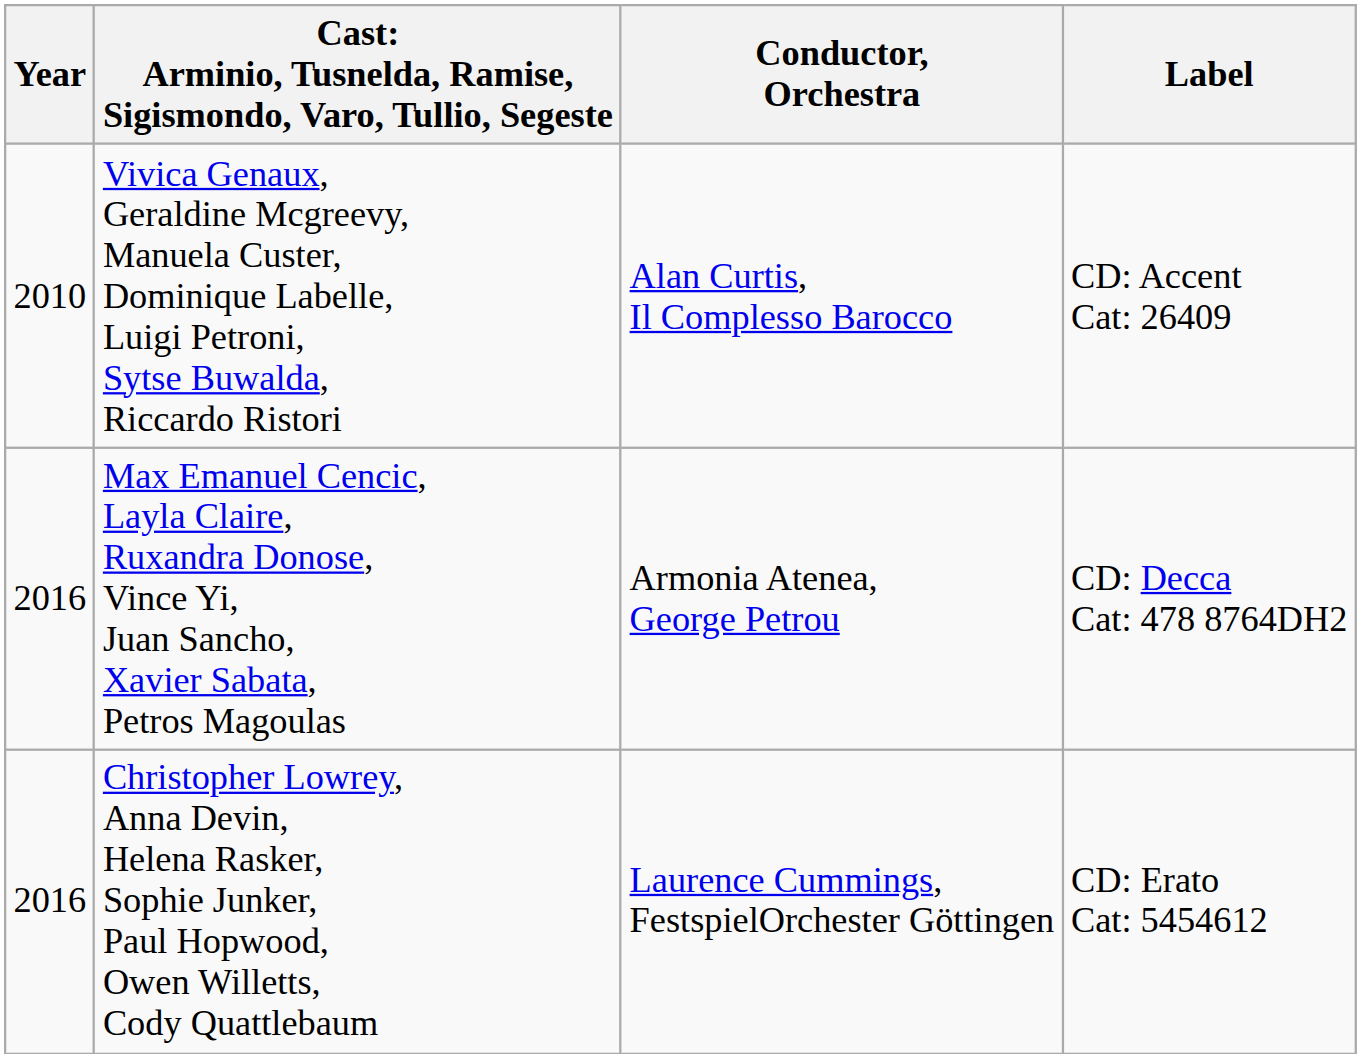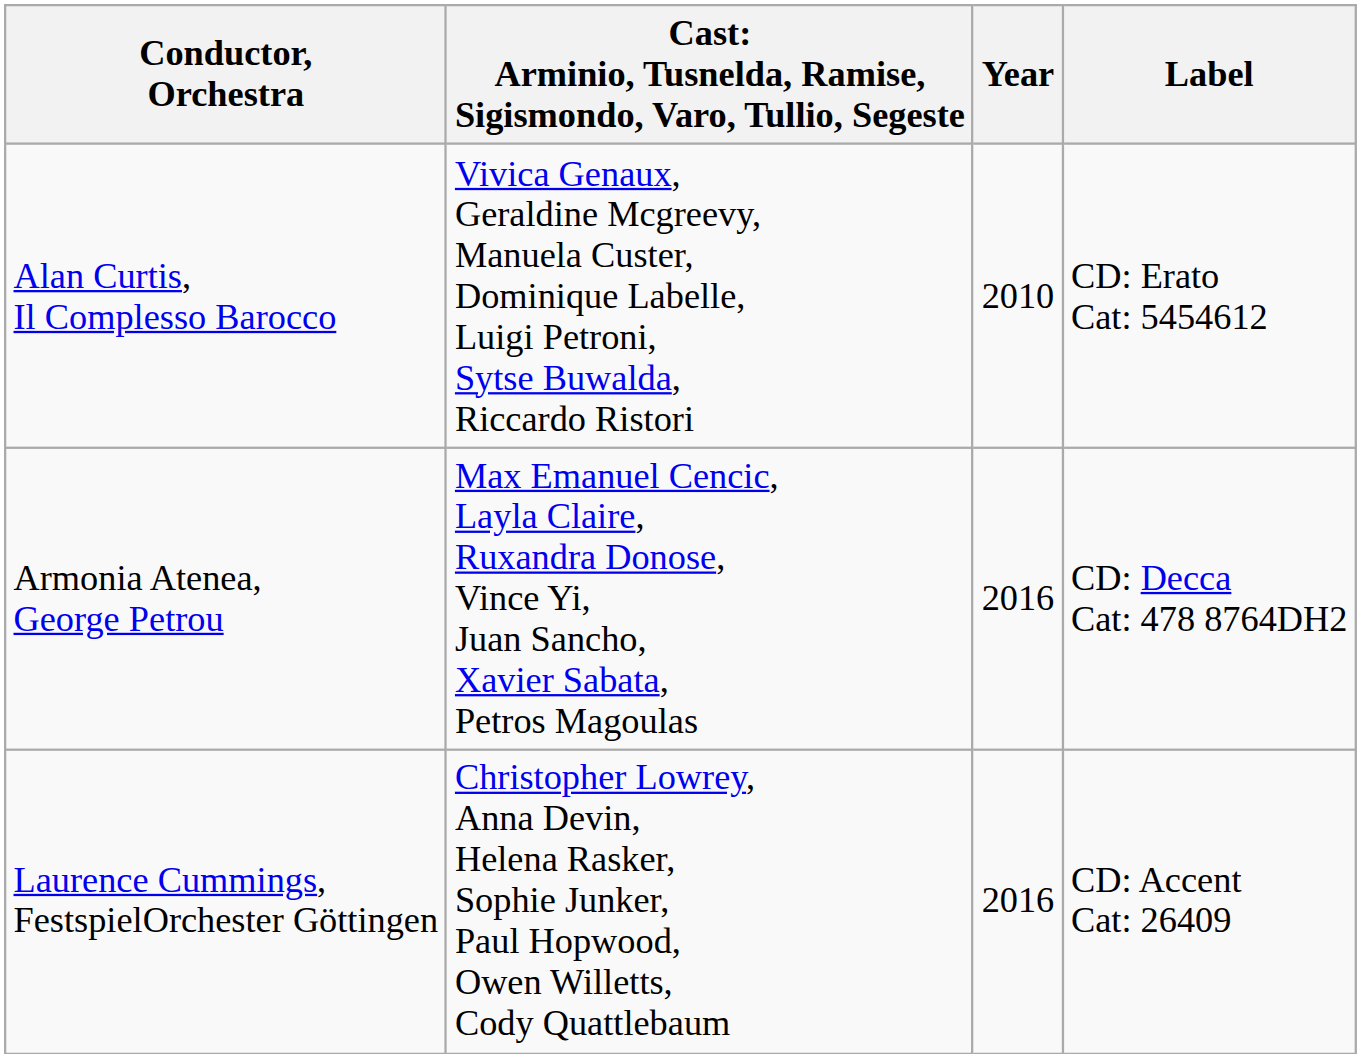 <table class="wikitable">
 <tr>
+<th>Conductor,<br>Orchestra</th>
+<th>Cast:<br>Arminio, Tusnelda, Ramise,<br>Sigismondo, Varo, Tullio, Segeste</th>
 <th>Year</th>
-<th>Cast:<br>Arminio, Tusnelda, Ramise,<br>Sigismondo, Varo, Tullio, Segeste</th>
-<th>Conductor,<br>Orchestra</th>
 <th>Label</th>
 </tr>
 <tr>
+<td><a href='#'>Alan Curtis</a>,<br><a href='#'>Il Complesso Barocco</a></td>
+<td><a href='#'>Vivica Genaux</a>,<br>Geraldine Mcgreevy,<br>Manuela Custer,<br>Dominique Labelle,<br>Luigi Petroni,<br><a href='#'>Sytse Buwalda</a>,<br>Riccardo Ristori</td>
 <td>2010</td>
-<td><a href='#'>Vivica Genaux</a>,<br>Geraldine Mcgreevy,<br>Manuela Custer,<br>Dominique Labelle,<br>Luigi Petroni,<br><a href='#'>Sytse Buwalda</a>,<br>Riccardo Ristori</td>
-<td><a href='#'>Alan Curtis</a>,<br><a href='#'>Il Complesso Barocco</a></td>
-<td>CD: Accent<br>Cat: 26409</td>
+<td>CD: Erato<br>Cat: 5454612</td>
 </tr>
 <tr>
+<td>Armonia Atenea,<br><a href='#'>George Petrou</a></td>
+<td><a href='#'>Max Emanuel Cencic</a>,<br><a href='#'>Layla Claire</a>,<br><a href='#'>Ruxandra Donose</a>,<br>Vince Yi,<br>Juan Sancho,<br><a href='#'>Xavier Sabata</a>,<br>Petros Magoulas</td>
 <td>2016</td>
-<td><a href='#'>Max Emanuel Cencic</a>,<br><a href='#'>Layla Claire</a>,<br><a href='#'>Ruxandra Donose</a>,<br>Vince Yi,<br>Juan Sancho,<br><a href='#'>Xavier Sabata</a>,<br>Petros Magoulas</td>
-<td>Armonia Atenea,<br><a href='#'>George Petrou</a></td>
 <td>CD: <a href='#'>Decca</a><br>Cat: 478 8764DH2</td>
 </tr>
 <tr>
+<td><a href='#'>Laurence Cummings</a>,<br>FestspielOrchester Göttingen</td>
+<td><a href='#'>Christopher Lowrey</a>,<br>Anna Devin,<br>Helena Rasker,<br>Sophie Junker,<br>Paul Hopwood,<br>Owen Willetts,<br>Cody Quattlebaum</td>
 <td>2016</td>
-<td><a href='#'>Christopher Lowrey</a>,<br>Anna Devin,<br>Helena Rasker,<br>Sophie Junker,<br>Paul Hopwood,<br>Owen Willetts,<br>Cody Quattlebaum</td>
-<td><a href='#'>Laurence Cummings</a>,<br>FestspielOrchester Göttingen</td>
-<td>CD: Erato<br>Cat: 5454612</td>
+<td>CD: Accent<br>Cat: 26409</td>
 </tr>
 </table>
